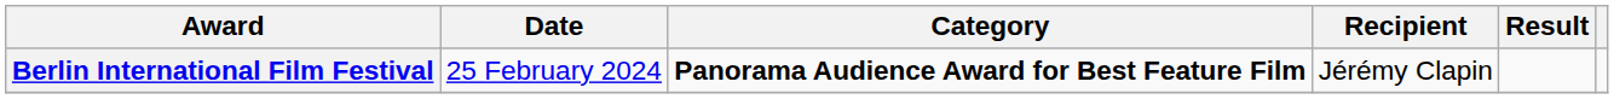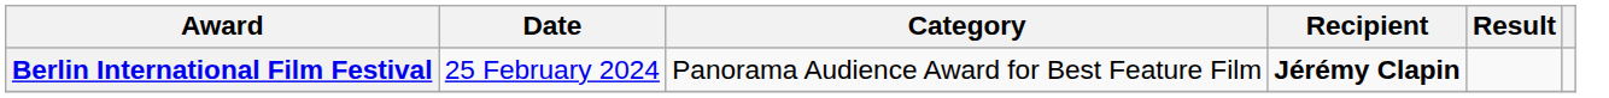 <table class="wikitable sortable plainrowheaders">
 <tr>
 <th>Award</th>
 <th>Date</th>
 <th>Category</th>
 <th>Recipient</th>
 <th>Result</th>
 <th></th>
 </tr>
 <tr>
 <th scope="row"><a href='#'>Berlin International Film Festival</a></th>
 <td><a href='#'>25 February 2024</a></td>
-<td><strong>Panorama Audience Award for Best Feature Film</strong></td>
-<td>Jérémy Clapin</td>
+<td>Panorama Audience Award for Best Feature Film</td>
+<td><strong>Jérémy Clapin</strong></td>
 <td></td>
 <td align="center" rowspan="1"></td>
 </tr>
 <tr>
 </tr>
 </table>
